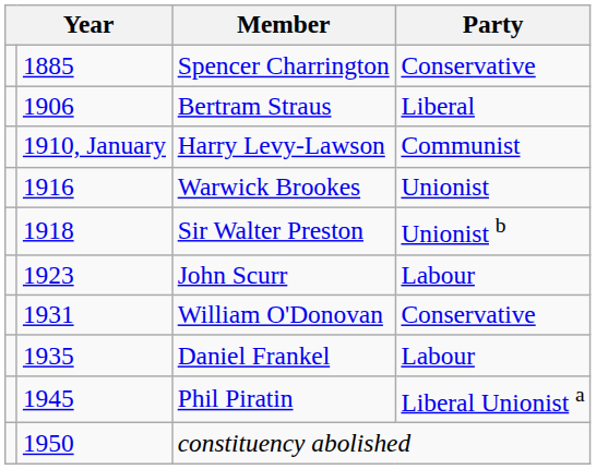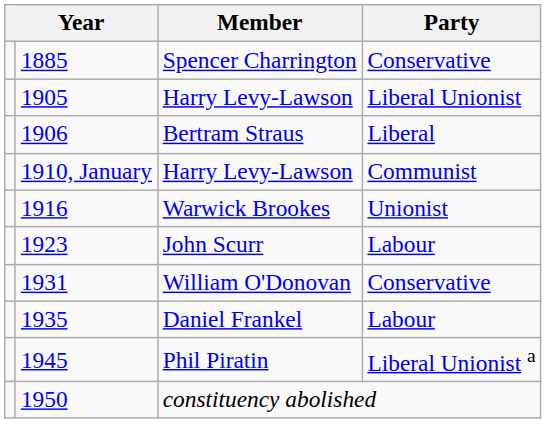 <table class="wikitable">
 <tr>
 <th colspan="2">Year</th>
 <th>Member</th>
 <th>Party</th>
 </tr>
 <tr>
 <td style="color:inherit;background-color: "></td>
 <td><a href='#'>1885</a></td>
 <td><a href='#'>Spencer Charrington</a></td>
 <td><a href='#'>Conservative</a></td>
+</tr>
+<tr>
+<td style="color:inherit;background-color: "></td>
+<td><a href='#'>1905</a></td>
+<td><a href='#'>Harry Levy-Lawson</a></td>
+<td><a href='#'>Liberal Unionist</a></td>
 </tr>
 <tr>
 <td style="color:inherit;background-color: "></td>
 <td><a href='#'>1906</a></td>
 <td><a href='#'>Bertram Straus</a></td>
 <td><a href='#'>Liberal</a></td>
 </tr>
 <tr>
 <td style="color:inherit;background-color: "></td>
 <td><a href='#'>1910, January</a></td>
 <td><a href='#'>Harry Levy-Lawson</a></td>
 <td><a href='#'>Communist</a></td>
 </tr>
 <tr>
 <td style="color:inherit;background-color: "></td>
 <td><a href='#'>1916</a></td>
 <td><a href='#'>Warwick Brookes</a></td>
 <td><a href='#'>Unionist</a></td>
-</tr>
-<tr>
-<td style="color:inherit;background-color: "></td>
-<td><a href='#'>1918</a></td>
-<td><a href='#'>Sir Walter Preston</a></td>
-<td><a href='#'>Unionist</a> <sup>b</sup></td>
 </tr>
 <tr>
 <td style="color:inherit;background-color: "></td>
 <td><a href='#'>1923</a></td>
 <td><a href='#'>John Scurr</a></td>
 <td><a href='#'>Labour</a></td>
 </tr>
 <tr>
 <td style="color:inherit;background-color: "></td>
 <td><a href='#'>1931</a></td>
 <td><a href='#'>William O'Donovan</a></td>
 <td><a href='#'>Conservative</a></td>
 </tr>
 <tr>
 <td style="color:inherit;background-color: "></td>
 <td><a href='#'>1935</a></td>
 <td><a href='#'>Daniel Frankel</a></td>
 <td><a href='#'>Labour</a></td>
 </tr>
 <tr>
 <td style="color:inherit;background-color: "></td>
 <td><a href='#'>1945</a></td>
 <td><a href='#'>Phil Piratin</a></td>
 <td><a href='#'>Liberal Unionist</a> <sup>a</sup></td>
 </tr>
 <tr>
 <td></td>
 <td><a href='#'>1950</a></td>
 <td colspan="2"><em>constituency abolished</em></td>
 </tr>
 </table>
